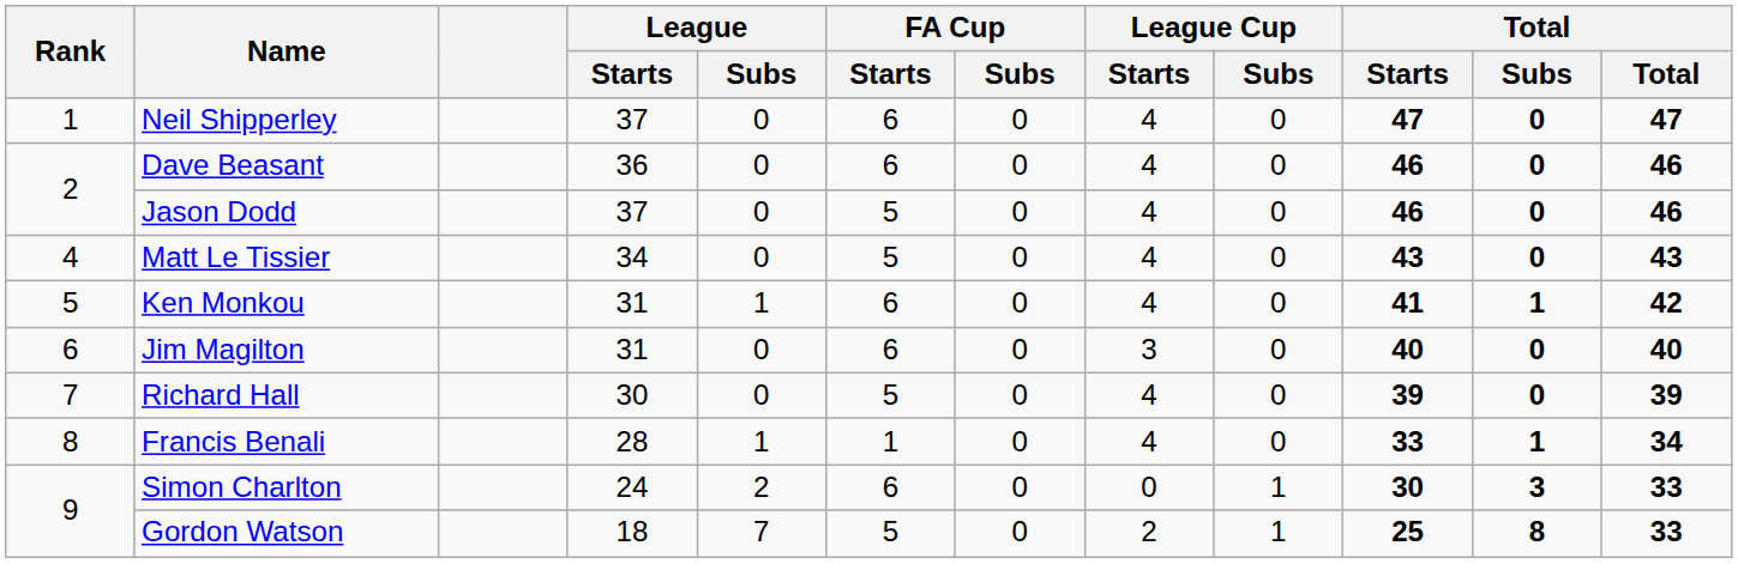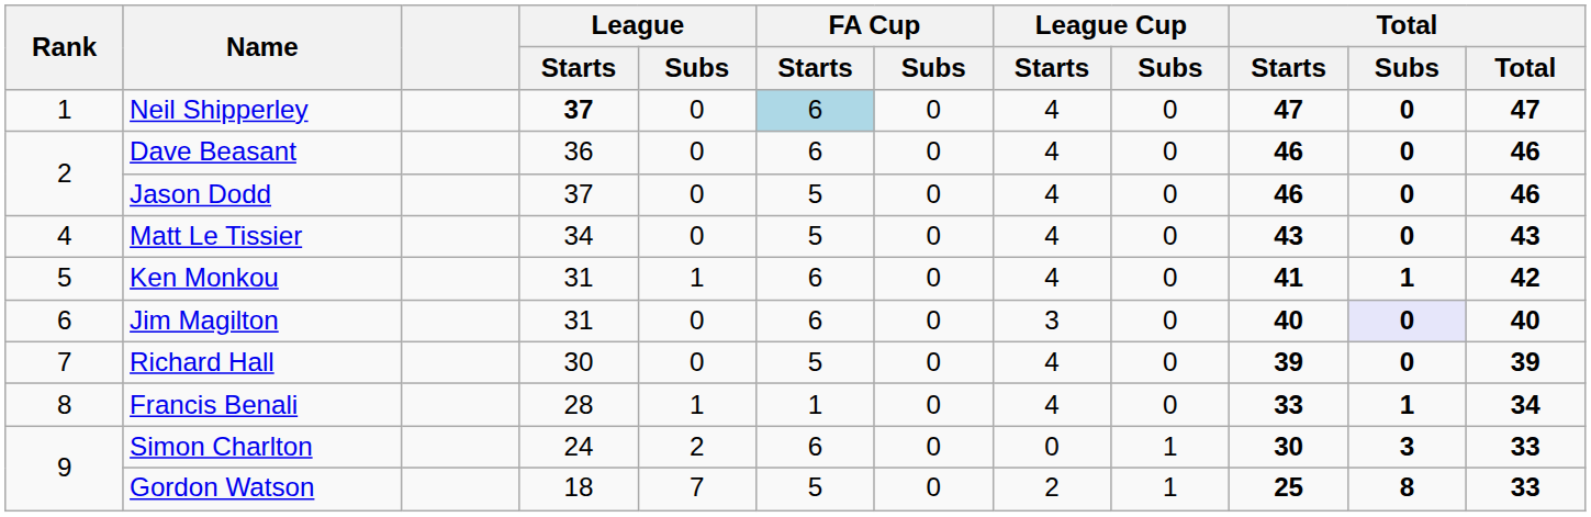 <table class="wikitable plainrowheaders" style="text-align:center;">
 <tr>
 <th scope="col" rowspan="2" style="width:4em;">Rank</th>
 <th scope="col" rowspan="2" style="width:10em;">Name</th>
 <th scope="col" rowspan="2" style="width:4em;"></th>
 <th scope="col" colspan="2">League</th>
 <th scope="col" colspan="2">FA Cup</th>
 <th scope="col" colspan="2">League Cup</th>
 <th scope="col" colspan="3">Total</th>
 </tr>
 <tr>
 <th scope="col" style="width:4em;">Starts</th>
 <th scope="col" style="width:4em;">Subs</th>
 <th scope="col" style="width:4em;">Starts</th>
 <th scope="col" style="width:4em;">Subs</th>
 <th scope="col" style="width:4em;">Starts</th>
 <th scope="col" style="width:4em;">Subs</th>
 <th scope="col" style="width:4em;">Starts</th>
 <th scope="col" style="width:4em;">Subs</th>
 <th scope="col" style="width:4em;">Total</th>
 </tr>
 <tr>
 <td>1</td>
 <td align="left"><a href='#'>Neil Shipperley</a></td>
 <td></td>
-<td>37</td>
+<td><strong>37</strong></td>
 <td>0</td>
-<td>6</td>
+<td style="background: lightblue;">6</td>
 <td>0</td>
 <td>4</td>
 <td>0</td>
 <td><strong>47</strong></td>
 <td><strong>0</strong></td>
 <td><strong>47</strong></td>
 </tr>
 <tr>
 <td rowspan="2">2</td>
 <td align="left"><a href='#'>Dave Beasant</a></td>
 <td></td>
 <td>36</td>
 <td>0</td>
 <td>6</td>
 <td>0</td>
 <td>4</td>
 <td>0</td>
 <td><strong>46</strong></td>
 <td><strong>0</strong></td>
 <td><strong>46</strong></td>
 </tr>
 <tr>
 <td align="left"><a href='#'>Jason Dodd</a></td>
 <td></td>
 <td>37</td>
 <td>0</td>
 <td>5</td>
 <td>0</td>
 <td>4</td>
 <td>0</td>
 <td><strong>46</strong></td>
 <td><strong>0</strong></td>
 <td><strong>46</strong></td>
 </tr>
 <tr>
 <td>4</td>
 <td align="left"><a href='#'>Matt Le Tissier</a></td>
 <td></td>
 <td>34</td>
 <td>0</td>
 <td>5</td>
 <td>0</td>
 <td>4</td>
 <td>0</td>
 <td><strong>43</strong></td>
 <td><strong>0</strong></td>
 <td><strong>43</strong></td>
 </tr>
 <tr>
 <td>5</td>
 <td align="left"><a href='#'>Ken Monkou</a></td>
 <td></td>
 <td>31</td>
 <td>1</td>
 <td>6</td>
 <td>0</td>
 <td>4</td>
 <td>0</td>
 <td><strong>41</strong></td>
 <td><strong>1</strong></td>
 <td><strong>42</strong></td>
 </tr>
 <tr>
 <td>6</td>
 <td align="left"><a href='#'>Jim Magilton</a></td>
 <td></td>
 <td>31</td>
 <td>0</td>
 <td>6</td>
 <td>0</td>
 <td>3</td>
 <td>0</td>
 <td><strong>40</strong></td>
-<td><strong>0</strong></td>
+<td style="background: lavender;"><strong>0</strong></td>
 <td><strong>40</strong></td>
 </tr>
 <tr>
 <td>7</td>
 <td align="left"><a href='#'>Richard Hall</a></td>
 <td></td>
 <td>30</td>
 <td>0</td>
 <td>5</td>
 <td>0</td>
 <td>4</td>
 <td>0</td>
 <td><strong>39</strong></td>
 <td><strong>0</strong></td>
 <td><strong>39</strong></td>
 </tr>
 <tr>
 <td>8</td>
 <td align="left"><a href='#'>Francis Benali</a></td>
 <td></td>
 <td>28</td>
 <td>1</td>
 <td>1</td>
 <td>0</td>
 <td>4</td>
 <td>0</td>
 <td><strong>33</strong></td>
 <td><strong>1</strong></td>
 <td><strong>34</strong></td>
 </tr>
 <tr>
 <td rowspan="2">9</td>
 <td align="left"><a href='#'>Simon Charlton</a></td>
 <td></td>
 <td>24</td>
 <td>2</td>
 <td>6</td>
 <td>0</td>
 <td>0</td>
 <td>1</td>
 <td><strong>30</strong></td>
 <td><strong>3</strong></td>
 <td><strong>33</strong></td>
 </tr>
 <tr>
 <td align="left"><a href='#'>Gordon Watson</a></td>
 <td></td>
 <td>18</td>
 <td>7</td>
 <td>5</td>
 <td>0</td>
 <td>2</td>
 <td>1</td>
 <td><strong>25</strong></td>
 <td><strong>8</strong></td>
 <td><strong>33</strong></td>
 </tr>
 </table>
